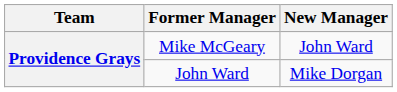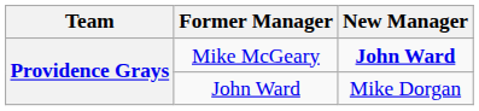 <table class="wikitable plainrowheaders" style="text-align:center;">
 <tr>
 <th scope="col">Team</th>
 <th scope="col">Former Manager</th>
 <th scope="col">New Manager</th>
 </tr>
 <tr>
 <th rowspan="2" scope="row" style="text-align:center;"><a href='#'>Providence Grays</a></th>
 <td><a href='#'>Mike McGeary</a></td>
-<td><a href='#'>John Ward</a></td>
+<td><strong><a href='#'>John Ward</a></strong></td>
 </tr>
 <tr>
 <td><a href='#'>John Ward</a></td>
 <td><a href='#'>Mike Dorgan</a></td>
 </tr>
 </table>
